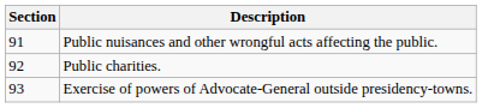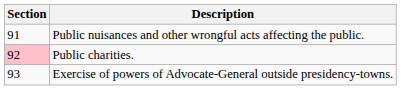 <table class="wikitable">
 <tr>
 <th>Section</th>
 <th>Description</th>
 </tr>
 <tr>
 <td>91</td>
 <td>Public nuisances and other wrongful acts affecting the public.</td>
 </tr>
 <tr>
-<td>92</td>
+<td style="background: pink;">92</td>
 <td>Public charities.</td>
 </tr>
 <tr>
 <td>93</td>
 <td>Exercise of powers of Advocate-General outside presidency-towns.</td>
 </tr>
 </table>
